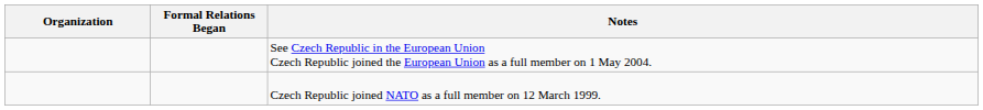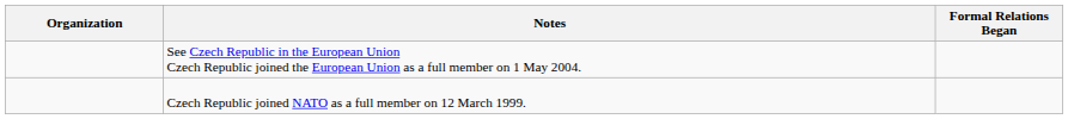 <table class="wikitable sortable" border="1" style="width:100%; margin:auto;">
 <tr>
 <th width="15%">Organization</th>
+<th>Notes</th>
 <th width="12%">Formal Relations Began</th>
-<th>Notes</th>
 </tr>
 <tr -valign="top">
 <td></td>
+<td>See <a href='#'>Czech Republic in the European Union</a><br>Czech Republic joined the <a href='#'>European Union</a> as a full member on 1 May 2004.</td>
 <td></td>
-<td>See <a href='#'>Czech Republic in the European Union</a><br>Czech Republic joined the <a href='#'>European Union</a> as a full member on 1 May 2004.</td>
 </tr>
 <tr -valign="top">
 <td></td>
+<td><br>Czech Republic joined <a href='#'>NATO</a> as a full member on 12 March 1999.</td>
 <td></td>
-<td><br>Czech Republic joined <a href='#'>NATO</a> as a full member on 12 March 1999.</td>
 </tr>
 </table>
